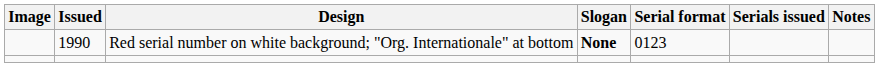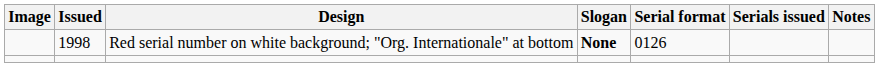 <table class="wikitable">
 <tr>
 <th>Image</th>
 <th>Issued</th>
 <th>Design</th>
 <th>Slogan</th>
 <th>Serial format</th>
 <th>Serials issued</th>
 <th>Notes</th>
 </tr>
 <tr>
 <td></td>
-<td>1990</td>
+<td>1998</td>
 <td>Red serial number on white background; "Org. Internationale" at bottom</td>
 <td><strong>None</strong></td>
-<td>0123</td>
+<td>0126</td>
 <td></td>
 <td></td>
 </tr>
 <tr>
 <td></td>
 <td></td>
 <td></td>
 <td></td>
 <td></td>
 <td></td>
 <td></td>
 </tr>
 </table>
